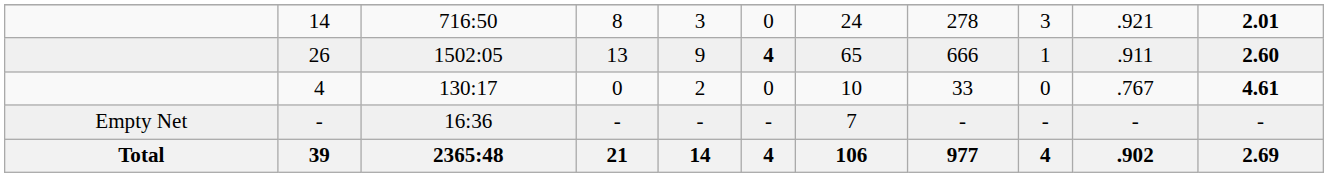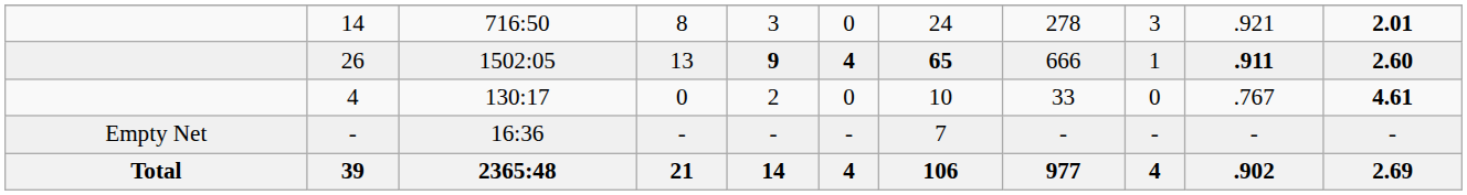 <table class="wikitable sortable" width ="1000">
 <tr align="center">
 </tr>
 <tr align="center" bgcolor="">
 <td></td>
 <td>14</td>
 <td>716:50</td>
 <td>8</td>
 <td>3</td>
 <td>0</td>
 <td>24</td>
 <td>278</td>
 <td>3</td>
 <td>.921</td>
 <td><strong>2.01</strong></td>
 </tr>
 <tr align="center" bgcolor="f0f0f0">
 <td></td>
 <td>26</td>
 <td>1502:05</td>
 <td>13</td>
-<td>9</td>
+<td><strong>9</strong></td>
 <td><strong>4</strong></td>
-<td>65</td>
+<td><strong>65</strong></td>
 <td>666</td>
 <td>1</td>
-<td>.911</td>
+<td><strong>.911</strong></td>
 <td><strong>2.60</strong></td>
 </tr>
 <tr align="center" bgcolor="">
 <td></td>
 <td>4</td>
 <td>130:17</td>
 <td>0</td>
 <td>2</td>
 <td>0</td>
 <td>10</td>
 <td>33</td>
 <td>0</td>
 <td>.767</td>
 <td><strong>4.61</strong></td>
 </tr>
 <tr align="center" bgcolor="f0f0f0">
 <td>Empty Net</td>
 <td>-</td>
 <td>16:36</td>
 <td>-</td>
 <td>-</td>
 <td>-</td>
 <td>7</td>
 <td>-</td>
 <td>-</td>
 <td>-</td>
 <td>-</td>
 </tr>
 <tr>
 <th>Total</th>
 <th>39</th>
 <th>2365:48</th>
 <th>21</th>
 <th>14</th>
 <th>4</th>
 <th>106</th>
 <th>977</th>
 <th>4</th>
 <th>.902</th>
 <th>2.69</th>
 </tr>
 </table>
